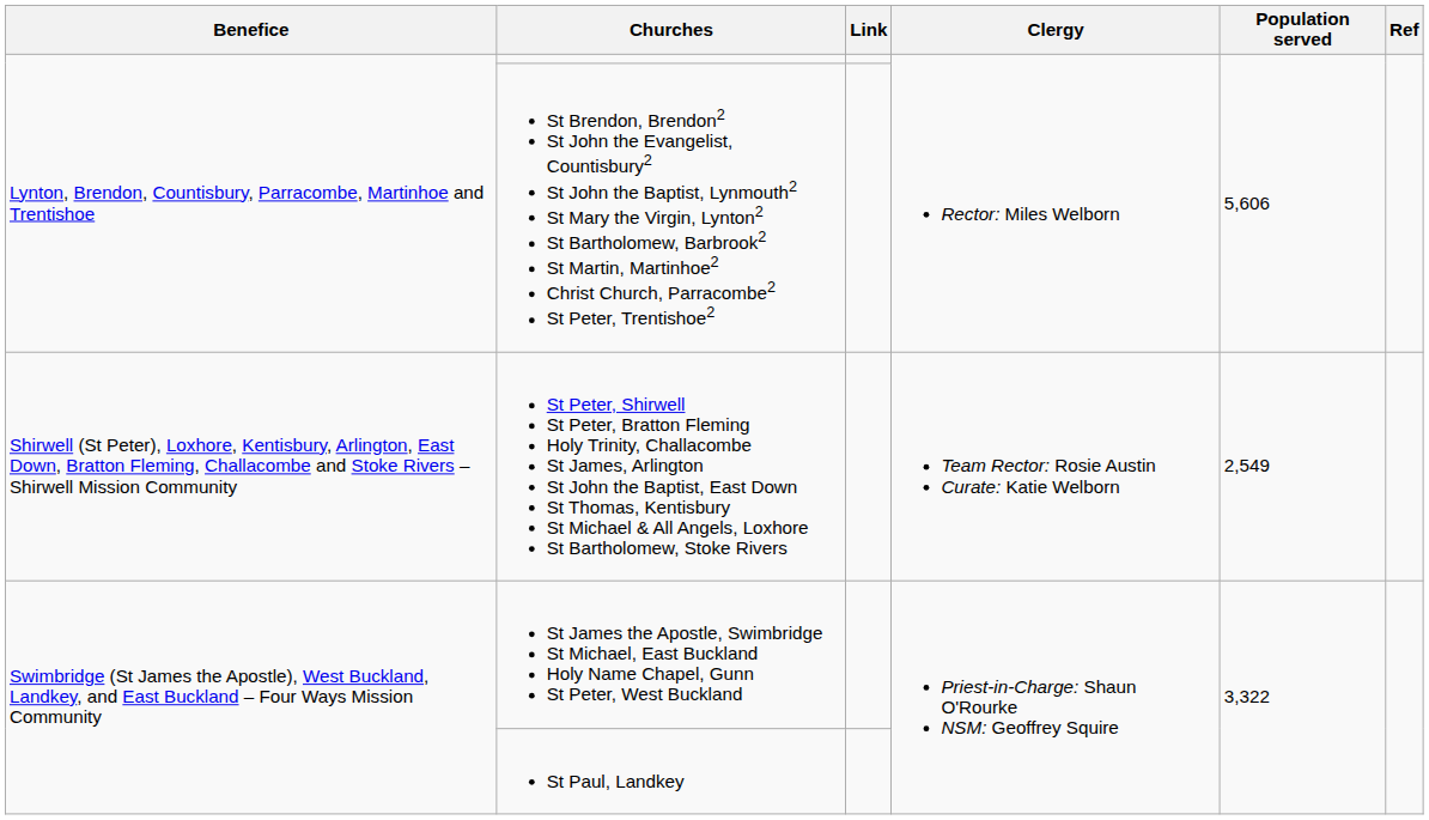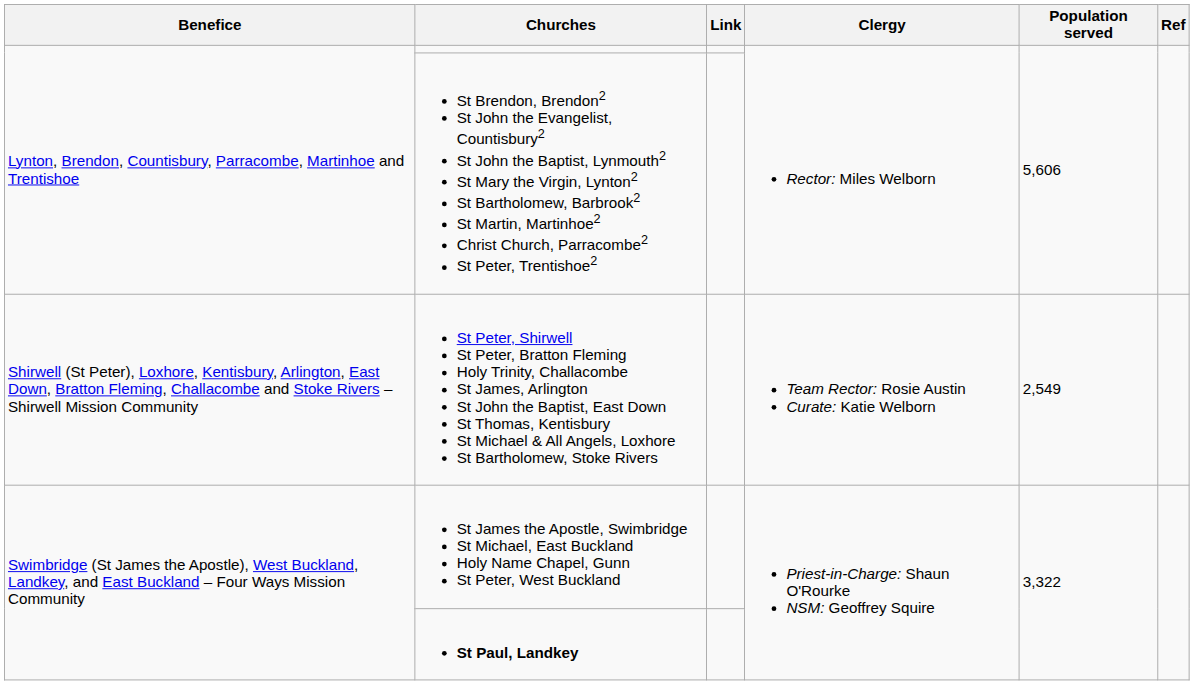 <table class="wikitable">
 <tr>
 <th width="425">Benefice</th>
 <th>Churches</th>
 <th>Link</th>
 <th>Clergy</th>
 <th>Population served</th>
 <th>Ref</th>
 </tr>
 <tr>
 <td rowspan="2"><a href='#'>Lynton</a>, <a href='#'>Brendon</a>, <a href='#'>Countisbury</a>, <a href='#'>Parracombe</a>, <a href='#'>Martinhoe</a> and <a href='#'>Trentishoe</a></td>
 <td></td>
 <td></td>
 <td rowspan="2"><br><ul><li><em>Rector:</em> Miles Welborn</li></ul></td>
 <td rowspan="2">5,606</td>
 <td rowspan="2"></td>
 </tr>
 <tr>
 <td><br><ul><li>St Brendon, Brendon<sup>2</sup></li><li>St John the Evangelist, Countisbury<sup>2</sup></li><li>St John the Baptist, Lynmouth<sup>2</sup></li><li>St Mary the Virgin, Lynton<sup>2</sup></li><li>St Bartholomew, Barbrook<sup>2</sup></li><li>St Martin, Martinhoe<sup>2</sup></li><li>Christ Church, Parracombe<sup>2</sup></li><li>St Peter, Trentishoe<sup>2</sup></li></ul></td>
 <td></td>
 </tr>
 <tr>
 <td><a href='#'>Shirwell</a> (St Peter), <a href='#'>Loxhore</a>, <a href='#'>Kentisbury</a>, <a href='#'>Arlington</a>, <a href='#'>East Down</a>, <a href='#'>Bratton Fleming</a>, <a href='#'>Challacombe</a> and <a href='#'>Stoke Rivers</a> – Shirwell Mission Community</td>
 <td><br><ul><li><a href='#'>St Peter, Shirwell</a></li><li>St Peter, Bratton Fleming</li><li>Holy Trinity, Challacombe</li><li>St James, Arlington</li><li>St John the Baptist, East Down</li><li>St Thomas, Kentisbury</li><li>St Michael & All Angels, Loxhore</li><li>St Bartholomew, Stoke Rivers</li></ul></td>
 <td></td>
 <td><br><ul><li><em>Team Rector:</em> Rosie Austin</li><li><em>Curate:</em> Katie Welborn</li></ul></td>
 <td>2,549</td>
 <td></td>
 </tr>
 <tr>
 <td rowspan="2"><a href='#'>Swimbridge</a> (St James the Apostle), <a href='#'>West Buckland</a>, <a href='#'>Landkey</a>, and <a href='#'>East Buckland</a> – Four Ways Mission Community</td>
 <td><br><ul><li>St James the Apostle, Swimbridge</li><li>St Michael, East Buckland</li><li>Holy Name Chapel, Gunn</li><li>St Peter, West Buckland</li></ul></td>
 <td></td>
 <td rowspan="2"><br><ul><li><em>Priest-in-Charge:</em> Shaun O'Rourke</li><li><em>NSM:</em> Geoffrey Squire</li></ul></td>
 <td rowspan="2">3,322</td>
 <td rowspan="2"></td>
 </tr>
 <tr>
-<td><br><ul><li>St Paul, Landkey</li></ul></td>
+<td><strong><br><ul><li>St Paul, Landkey</li></ul></strong></td>
 <td></td>
 </tr>
 </table>
